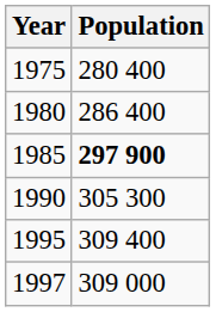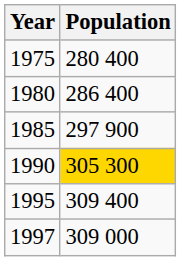 <table class="wikitable">
 <tr>
 <th>Year</th>
 <th>Population</th>
 </tr>
 <tr>
 <td>1975</td>
 <td>280 400</td>
 </tr>
 <tr>
 <td>1980</td>
 <td>286 400</td>
 </tr>
 <tr>
 <td>1985</td>
-<td><strong>297 900</strong></td>
+<td>297 900</td>
 </tr>
 <tr>
 <td>1990</td>
-<td>305 300</td>
+<td style="background: gold;">305 300</td>
 </tr>
 <tr>
 <td>1995</td>
 <td>309 400</td>
 </tr>
 <tr>
 <td>1997</td>
 <td>309 000</td>
 </tr>
 </table>
